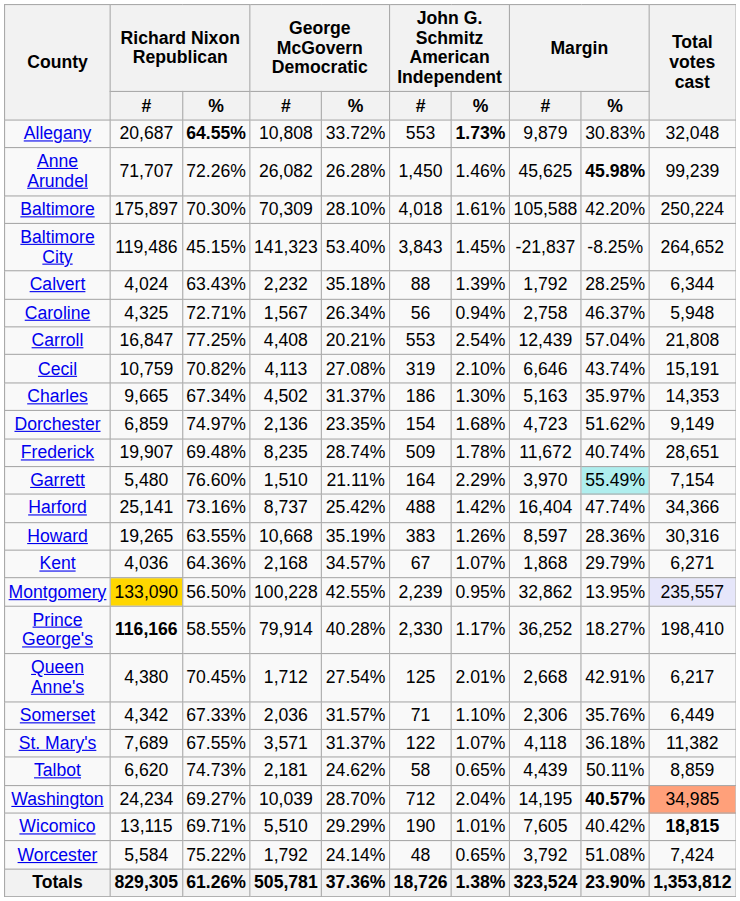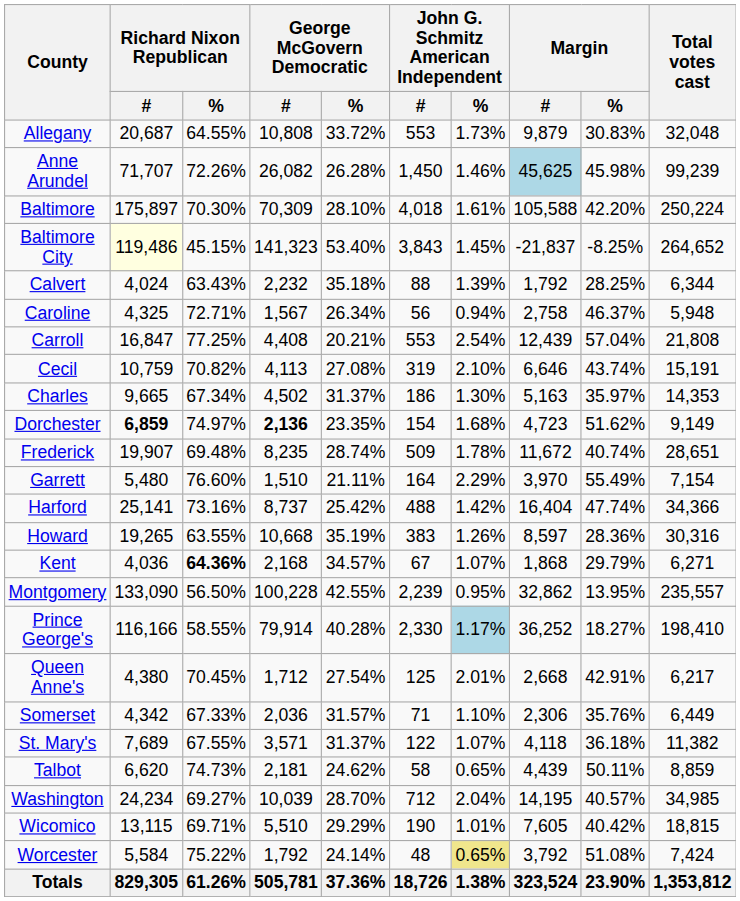 <table width="60%"  class="wikitable sortable" style="text-align:center">
 <tr>
 <th style="text-align:center;" rowspan="2">County</th>
 <th style="text-align:center;" colspan="2">Richard Nixon<br>Republican</th>
 <th style="text-align:center;" colspan="2">George McGovern<br>Democratic</th>
 <th style="text-align:center;" colspan="2">John G. Schmitz<br>American Independent</th>
 <th style="text-align:center;" colspan="2">Margin</th>
 <th style="text-align:center;" rowspan="2">Total votes cast</th>
 </tr>
 <tr>
 <th style="text-align:center;" data-sort-type="number">#</th>
 <th style="text-align:center;" data-sort-type="number">%</th>
 <th style="text-align:center;" data-sort-type="number">#</th>
 <th style="text-align:center;" data-sort-type="number">%</th>
 <th style="text-align:center;" data-sort-type="number">#</th>
 <th style="text-align:center;" data-sort-type="number">%</th>
 <th style="text-align:center;" data-sort-type="number">#</th>
 <th style="text-align:center;" data-sort-type="number">%</th>
 </tr>
 <tr style="text-align:center;">
 <td><a href='#'>Allegany</a></td>
 <td>20,687</td>
-<td><strong>64.55%</strong></td>
+<td>64.55%</td>
 <td>10,808</td>
 <td>33.72%</td>
 <td>553</td>
-<td><strong>1.73%</strong></td>
+<td>1.73%</td>
 <td>9,879</td>
 <td>30.83%</td>
 <td>32,048</td>
 </tr>
 <tr style="text-align:center;">
 <td><a href='#'>Anne Arundel</a></td>
 <td>71,707</td>
 <td>72.26%</td>
 <td>26,082</td>
 <td>26.28%</td>
 <td>1,450</td>
 <td>1.46%</td>
-<td>45,625</td>
-<td><strong>45.98%</strong></td>
+<td style="background: lightblue;">45,625</td>
+<td>45.98%</td>
 <td>99,239</td>
 </tr>
 <tr style="text-align:center;">
 <td><a href='#'>Baltimore</a></td>
 <td>175,897</td>
 <td>70.30%</td>
 <td>70,309</td>
 <td>28.10%</td>
 <td>4,018</td>
 <td>1.61%</td>
 <td>105,588</td>
 <td>42.20%</td>
 <td>250,224</td>
 </tr>
 <tr style="text-align:center;">
 <td><a href='#'>Baltimore City</a></td>
-<td>119,486</td>
+<td style="background: lightyellow;">119,486</td>
 <td>45.15%</td>
 <td>141,323</td>
 <td>53.40%</td>
 <td>3,843</td>
 <td>1.45%</td>
 <td>-21,837</td>
 <td>-8.25%</td>
 <td>264,652</td>
 </tr>
 <tr style="text-align:center;">
 <td><a href='#'>Calvert</a></td>
 <td>4,024</td>
 <td>63.43%</td>
 <td>2,232</td>
 <td>35.18%</td>
 <td>88</td>
 <td>1.39%</td>
 <td>1,792</td>
 <td>28.25%</td>
 <td>6,344</td>
 </tr>
 <tr style="text-align:center;">
 <td><a href='#'>Caroline</a></td>
 <td>4,325</td>
 <td>72.71%</td>
 <td>1,567</td>
 <td>26.34%</td>
 <td>56</td>
 <td>0.94%</td>
 <td>2,758</td>
 <td>46.37%</td>
 <td>5,948</td>
 </tr>
 <tr style="text-align:center;">
 <td><a href='#'>Carroll</a></td>
 <td>16,847</td>
 <td>77.25%</td>
 <td>4,408</td>
 <td>20.21%</td>
 <td>553</td>
 <td>2.54%</td>
 <td>12,439</td>
 <td>57.04%</td>
 <td>21,808</td>
 </tr>
 <tr style="text-align:center;">
 <td><a href='#'>Cecil</a></td>
 <td>10,759</td>
 <td>70.82%</td>
 <td>4,113</td>
 <td>27.08%</td>
 <td>319</td>
 <td>2.10%</td>
 <td>6,646</td>
 <td>43.74%</td>
 <td>15,191</td>
 </tr>
 <tr style="text-align:center;">
 <td><a href='#'>Charles</a></td>
 <td>9,665</td>
 <td>67.34%</td>
 <td>4,502</td>
 <td>31.37%</td>
 <td>186</td>
 <td>1.30%</td>
 <td>5,163</td>
 <td>35.97%</td>
 <td>14,353</td>
 </tr>
 <tr style="text-align:center;">
 <td><a href='#'>Dorchester</a></td>
-<td>6,859</td>
+<td><strong>6,859</strong></td>
 <td>74.97%</td>
-<td>2,136</td>
+<td><strong>2,136</strong></td>
 <td>23.35%</td>
 <td>154</td>
 <td>1.68%</td>
 <td>4,723</td>
 <td>51.62%</td>
 <td>9,149</td>
 </tr>
 <tr style="text-align:center;">
 <td><a href='#'>Frederick</a></td>
 <td>19,907</td>
 <td>69.48%</td>
 <td>8,235</td>
 <td>28.74%</td>
 <td>509</td>
 <td>1.78%</td>
 <td>11,672</td>
 <td>40.74%</td>
 <td>28,651</td>
 </tr>
 <tr style="text-align:center;">
 <td><a href='#'>Garrett</a></td>
 <td>5,480</td>
 <td>76.60%</td>
 <td>1,510</td>
 <td>21.11%</td>
 <td>164</td>
 <td>2.29%</td>
 <td>3,970</td>
-<td style="background: paleturquoise;">55.49%</td>
+<td>55.49%</td>
 <td>7,154</td>
 </tr>
 <tr style="text-align:center;">
 <td><a href='#'>Harford</a></td>
 <td>25,141</td>
 <td>73.16%</td>
 <td>8,737</td>
 <td>25.42%</td>
 <td>488</td>
 <td>1.42%</td>
 <td>16,404</td>
 <td>47.74%</td>
 <td>34,366</td>
 </tr>
 <tr style="text-align:center;">
 <td><a href='#'>Howard</a></td>
 <td>19,265</td>
 <td>63.55%</td>
 <td>10,668</td>
 <td>35.19%</td>
 <td>383</td>
 <td>1.26%</td>
 <td>8,597</td>
 <td>28.36%</td>
 <td>30,316</td>
 </tr>
 <tr style="text-align:center;">
 <td><a href='#'>Kent</a></td>
 <td>4,036</td>
-<td>64.36%</td>
+<td><strong>64.36%</strong></td>
 <td>2,168</td>
 <td>34.57%</td>
 <td>67</td>
 <td>1.07%</td>
 <td>1,868</td>
 <td>29.79%</td>
 <td>6,271</td>
 </tr>
 <tr style="text-align:center;">
 <td><a href='#'>Montgomery</a></td>
-<td style="background: gold;">133,090</td>
+<td>133,090</td>
 <td>56.50%</td>
 <td>100,228</td>
 <td>42.55%</td>
 <td>2,239</td>
 <td>0.95%</td>
 <td>32,862</td>
 <td>13.95%</td>
-<td style="background: lavender;">235,557</td>
+<td>235,557</td>
 </tr>
 <tr style="text-align:center;">
 <td><a href='#'>Prince George's</a></td>
-<td><strong>116,166</strong></td>
+<td>116,166</td>
 <td>58.55%</td>
 <td>79,914</td>
 <td>40.28%</td>
 <td>2,330</td>
-<td>1.17%</td>
+<td style="background: lightblue;">1.17%</td>
 <td>36,252</td>
 <td>18.27%</td>
 <td>198,410</td>
 </tr>
 <tr style="text-align:center;">
 <td><a href='#'>Queen Anne's</a></td>
 <td>4,380</td>
 <td>70.45%</td>
 <td>1,712</td>
 <td>27.54%</td>
 <td>125</td>
 <td>2.01%</td>
 <td>2,668</td>
 <td>42.91%</td>
 <td>6,217</td>
 </tr>
 <tr style="text-align:center;">
 <td><a href='#'>Somerset</a></td>
 <td>4,342</td>
 <td>67.33%</td>
 <td>2,036</td>
 <td>31.57%</td>
 <td>71</td>
 <td>1.10%</td>
 <td>2,306</td>
 <td>35.76%</td>
 <td>6,449</td>
 </tr>
 <tr style="text-align:center;">
 <td><a href='#'>St. Mary's</a></td>
 <td>7,689</td>
 <td>67.55%</td>
 <td>3,571</td>
 <td>31.37%</td>
 <td>122</td>
 <td>1.07%</td>
 <td>4,118</td>
 <td>36.18%</td>
 <td>11,382</td>
 </tr>
 <tr style="text-align:center;">
 <td><a href='#'>Talbot</a></td>
 <td>6,620</td>
 <td>74.73%</td>
 <td>2,181</td>
 <td>24.62%</td>
 <td>58</td>
 <td>0.65%</td>
 <td>4,439</td>
 <td>50.11%</td>
 <td>8,859</td>
 </tr>
 <tr style="text-align:center;">
 <td><a href='#'>Washington</a></td>
 <td>24,234</td>
 <td>69.27%</td>
 <td>10,039</td>
 <td>28.70%</td>
 <td>712</td>
 <td>2.04%</td>
 <td>14,195</td>
-<td><strong>40.57%</strong></td>
-<td style="background: lightsalmon;">34,985</td>
+<td>40.57%</td>
+<td>34,985</td>
 </tr>
 <tr style="text-align:center;">
 <td><a href='#'>Wicomico</a></td>
 <td>13,115</td>
 <td>69.71%</td>
 <td>5,510</td>
 <td>29.29%</td>
 <td>190</td>
 <td>1.01%</td>
 <td>7,605</td>
 <td>40.42%</td>
-<td><strong>18,815</strong></td>
+<td>18,815</td>
 </tr>
 <tr style="text-align:center;">
 <td><a href='#'>Worcester</a></td>
 <td>5,584</td>
 <td>75.22%</td>
 <td>1,792</td>
 <td>24.14%</td>
 <td>48</td>
-<td>0.65%</td>
+<td style="background: khaki;">0.65%</td>
 <td>3,792</td>
 <td>51.08%</td>
 <td>7,424</td>
 </tr>
 <tr style="text-align:center;">
 <th>Totals</th>
 <th>829,305</th>
 <th>61.26%</th>
 <th>505,781</th>
 <th>37.36%</th>
 <th>18,726</th>
 <th>1.38%</th>
 <th>323,524</th>
 <th>23.90%</th>
 <th>1,353,812</th>
 </tr>
 </table>
